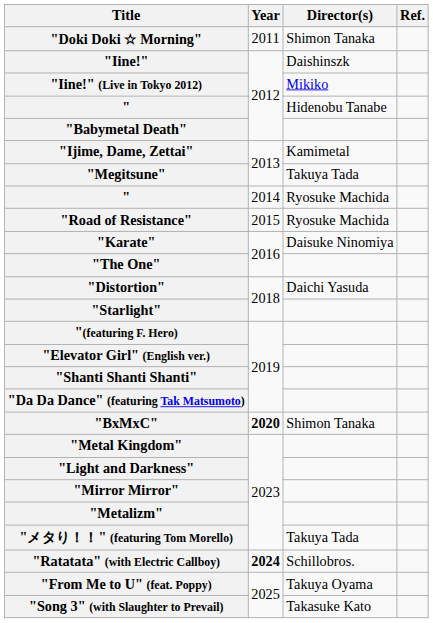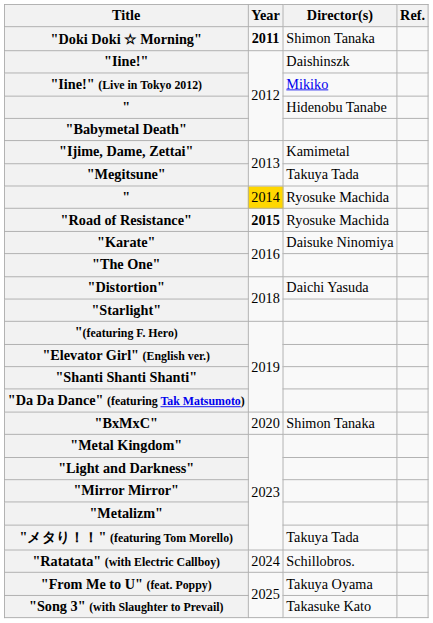 <table class="wikitable plainrowheaders" style="text-align:left;">
 <tr>
 <th scope="col">Title</th>
 <th scope="col">Year</th>
 <th scope="col">Director(s)</th>
 <th scope="col">Ref.</th>
 </tr>
 <tr>
 <th scope="row">"Doki Doki ☆ Morning"</th>
-<td align="center">2011</td>
+<td align="center"><strong>2011</strong></td>
 <td>Shimon Tanaka</td>
 <td></td>
 </tr>
 <tr>
 <th scope="row">"Iine!"</th>
 <td align="center" rowspan="4">2012</td>
 <td>Daishinszk</td>
 <td></td>
 </tr>
 <tr>
 <th scope="row">"Iine!" <small>(Live in Tokyo 2012)</small></th>
 <td><a href='#'>Mikiko</a></td>
 <td></td>
 </tr>
 <tr>
 <th scope="row">"</th>
 <td>Hidenobu Tanabe</td>
 <td></td>
 </tr>
 <tr>
 <th scope="row">"Babymetal Death"</th>
 <td></td>
 <td></td>
 </tr>
 <tr>
 <th scope="row">"Ijime, Dame, Zettai"</th>
 <td align="center" rowspan="2">2013</td>
 <td>Kamimetal</td>
 <td></td>
 </tr>
 <tr>
 <th scope="row">"Megitsune"</th>
 <td>Takuya Tada</td>
 <td></td>
 </tr>
 <tr>
 <th scope="row">"</th>
-<td align="center">2014</td>
+<td align="center" style="background: gold;">2014</td>
 <td>Ryosuke Machida</td>
 <td></td>
 </tr>
 <tr>
 <th scope="row">"Road of Resistance"</th>
-<td align="center">2015</td>
+<td align="center"><strong>2015</strong></td>
 <td>Ryosuke Machida</td>
 <td></td>
 </tr>
 <tr>
 <th scope="row">"Karate"</th>
 <td align="center" rowspan="2">2016</td>
 <td>Daisuke Ninomiya</td>
 <td></td>
 </tr>
 <tr>
 <th scope="row">"The One"</th>
 <td></td>
 <td></td>
 </tr>
 <tr>
 <th scope="row">"Distortion"</th>
 <td align="center" rowspan=2>2018</td>
 <td>Daichi Yasuda</td>
 <td></td>
 </tr>
 <tr>
 <th scope="row">"Starlight"</th>
 <td></td>
 <td></td>
 </tr>
 <tr>
 <th scope="row">"<small>(featuring F. Hero)</small></th>
 <td align="center" rowspan=4>2019</td>
 <td></td>
 <td></td>
 </tr>
 <tr>
 <th scope="row">"Elevator Girl" <small>(English ver.)</small></th>
 <td></td>
 <td></td>
 </tr>
 <tr>
 <th scope="row">"Shanti Shanti Shanti"</th>
 <td></td>
 <td></td>
 </tr>
 <tr>
 <th scope="row">"Da Da Dance" <small>(featuring <a href='#'>Tak Matsumoto</a>)</small></th>
 <td></td>
 <td></td>
 </tr>
 <tr>
 <th scope="row">"BxMxC"</th>
-<td><strong>2020</strong></td>
+<td>2020</td>
 <td>Shimon Tanaka</td>
 <td></td>
 </tr>
 <tr>
 <th scope="row">"Metal Kingdom"</th>
 <td align="center" rowspan=5>2023</td>
 <td></td>
 <td></td>
 </tr>
 <tr>
 <th scope="row">"Light and Darkness"</th>
 <td></td>
 <td></td>
 </tr>
 <tr>
 <th scope="row">"Mirror Mirror"</th>
 <td></td>
 <td></td>
 </tr>
 <tr>
 <th scope="row">"Metalizm"</th>
 <td></td>
 <td></td>
 </tr>
 <tr>
 <th scope="row">"メタり！！" <small>(featuring Tom Morello)</small></th>
 <td>Takuya Tada</td>
 <td></td>
 </tr>
 <tr>
 <th scope="row">"Ratatata" <small>(with Electric Callboy)</small></th>
-<td align="center"><strong>2024</strong></td>
+<td align="center">2024</td>
 <td>Schillobros.</td>
 <td></td>
 </tr>
 <tr>
 <th scope="row">"From Me to U" <small>(feat. Poppy)</small></th>
 <td align="center" rowspan=2>2025</td>
 <td>Takuya Oyama</td>
 <td></td>
 </tr>
 <tr>
 <th scope="row">"Song 3" <small>(with Slaughter to Prevail)</small></th>
 <td>Takasuke Kato</td>
 <td></td>
 </tr>
 </table>
